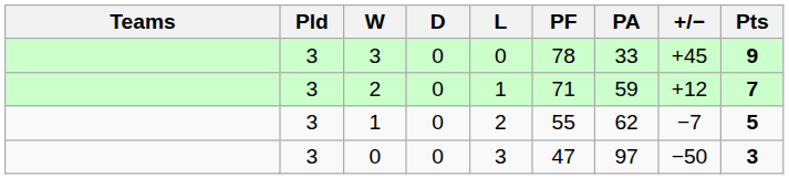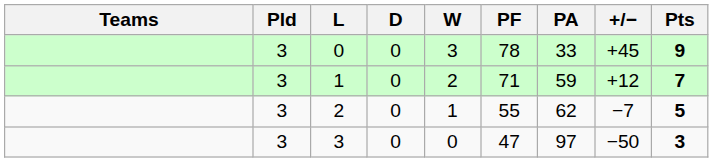 <table class="wikitable" style="text-align: center;">
 <tr>
 <th width="200">Teams</th>
 <th width="40">Pld</th>
+<th width="40">L</th>
+<th width="40">D</th>
 <th width="40">W</th>
-<th width="40">D</th>
-<th width="40">L</th>
 <th width="40">PF</th>
 <th width="40">PA</th>
 <th width="40">+/−</th>
 <th width="40">Pts</th>
 </tr>
 <tr bgcolor=ccffcc>
 <td align=left></td>
 <td>3</td>
-<td>3</td>
 <td>0</td>
 <td>0</td>
+<td>3</td>
 <td>78</td>
 <td>33</td>
 <td>+45</td>
 <td><strong>9</strong></td>
 </tr>
 <tr bgcolor=ccffcc>
 <td align=left></td>
 <td>3</td>
+<td>1</td>
+<td>0</td>
 <td>2</td>
-<td>0</td>
-<td>1</td>
 <td>71</td>
 <td>59</td>
 <td>+12</td>
 <td><strong>7</strong></td>
 </tr>
 <tr>
 <td align=left></td>
 <td>3</td>
+<td>2</td>
+<td>0</td>
 <td>1</td>
-<td>0</td>
-<td>2</td>
 <td>55</td>
 <td>62</td>
 <td>−7</td>
 <td><strong>5</strong></td>
 </tr>
 <tr>
 <td align=left></td>
 <td>3</td>
+<td>3</td>
 <td>0</td>
 <td>0</td>
-<td>3</td>
 <td>47</td>
 <td>97</td>
 <td>−50</td>
 <td><strong>3</strong></td>
 </tr>
 </table>
